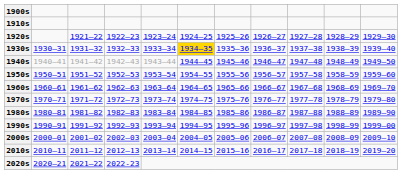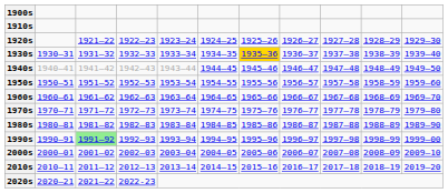 <table class="wikitable">
 <tr>
 <th>1900s</th>
 <td></td>
 <td></td>
 <td></td>
 <td></td>
 <td></td>
 <td></td>
 <td></td>
 <td></td>
 <td></td>
 <td></td>
 </tr>
 <tr>
 <th>1910s</th>
 <td></td>
 <td></td>
 <td></td>
 <td></td>
 <td></td>
 <td></td>
 <td></td>
 <td></td>
 <td></td>
 <td></td>
 </tr>
 <tr>
 <th>1920s</th>
 <td></td>
 <td><a href='#'>1921–22</a></td>
 <td><a href='#'>1922–23</a></td>
 <td><a href='#'>1923–24</a></td>
 <td><a href='#'>1924–25</a></td>
 <td><a href='#'>1925–26</a></td>
 <td><a href='#'>1926–27</a></td>
 <td><a href='#'>1927–28</a></td>
 <td><a href='#'>1928–29</a></td>
 <td><a href='#'>1929–30</a></td>
 </tr>
 <tr>
 <th>1930s</th>
 <td><a href='#'>1930–31</a></td>
 <td><a href='#'>1931–32</a></td>
 <td><a href='#'>1932–33</a></td>
 <td><a href='#'>1933–34</a></td>
-<td style="background: gold;"><a href='#'>1934–35</a></td>
-<td><a href='#'>1935–36</a></td>
+<td><a href='#'>1934–35</a></td>
+<td style="background: gold;"><a href='#'>1935–36</a></td>
 <td><a href='#'>1936–37</a></td>
 <td><a href='#'>1937–38</a></td>
 <td><a href='#'>1938–39</a></td>
 <td><a href='#'>1939–40</a></td>
 </tr>
 <tr>
 <th>1940s</th>
 <td style="color:#AAA">1940–41</td>
 <td style="color:#AAA">1941–42</td>
 <td style="color:#AAA">1942–43</td>
 <td style="color:#AAA">1943–44</td>
 <td><a href='#'>1944–45</a></td>
 <td><a href='#'>1945–46</a></td>
 <td><a href='#'>1946–47</a></td>
 <td><a href='#'>1947–48</a></td>
 <td><a href='#'>1948–49</a></td>
 <td><a href='#'>1949–50</a></td>
 </tr>
 <tr>
 <th>1950s</th>
 <td><a href='#'>1950–51</a></td>
 <td><a href='#'>1951–52</a></td>
 <td><a href='#'>1952–53</a></td>
 <td><a href='#'>1953–54</a></td>
 <td><a href='#'>1954–55</a></td>
 <td><a href='#'>1955–56</a></td>
 <td><a href='#'>1956–57</a></td>
 <td><a href='#'>1957–58</a></td>
 <td><a href='#'>1958–59</a></td>
 <td><a href='#'>1959–60</a></td>
 </tr>
 <tr>
 <th>1960s</th>
 <td><a href='#'>1960–61</a></td>
 <td><a href='#'>1961–62</a></td>
 <td><a href='#'>1962–63</a></td>
 <td><a href='#'>1963–64</a></td>
 <td><a href='#'>1964–65</a></td>
 <td><a href='#'>1965–66</a></td>
 <td><a href='#'>1966–67</a></td>
 <td><a href='#'>1967–68</a></td>
 <td><a href='#'>1968–69</a></td>
 <td><a href='#'>1969–70</a></td>
 </tr>
 <tr>
 <th>1970s</th>
 <td><a href='#'>1970–71</a></td>
 <td><a href='#'>1971–72</a></td>
 <td><a href='#'>1972–73</a></td>
 <td><a href='#'>1973–74</a></td>
 <td><a href='#'>1974–75</a></td>
 <td><a href='#'>1975–76</a></td>
 <td><a href='#'>1976–77</a></td>
 <td><a href='#'>1977–78</a></td>
 <td><a href='#'>1978–79</a></td>
 <td><a href='#'>1979–80</a></td>
 </tr>
 <tr>
 <th>1980s</th>
 <td><a href='#'>1980–81</a></td>
 <td><a href='#'>1981–82</a></td>
 <td><a href='#'>1982–83</a></td>
 <td><a href='#'>1983–84</a></td>
 <td><a href='#'>1984–85</a></td>
 <td><a href='#'>1985–86</a></td>
 <td><a href='#'>1986–87</a></td>
 <td><a href='#'>1987–88</a></td>
 <td><a href='#'>1988–89</a></td>
 <td><a href='#'>1989–90</a></td>
 </tr>
 <tr>
 <th>1990s</th>
 <td><a href='#'>1990–91</a></td>
-<td><a href='#'>1991–92</a></td>
+<td style="background: lightgreen;"><a href='#'>1991–92</a></td>
 <td><a href='#'>1992–93</a></td>
 <td><a href='#'>1993–94</a></td>
 <td><a href='#'>1994–95</a></td>
 <td><a href='#'>1995–96</a></td>
 <td><a href='#'>1996–97</a></td>
 <td><a href='#'>1997–98</a></td>
 <td><a href='#'>1998–99</a></td>
 <td><a href='#'>1999–00</a></td>
 </tr>
 <tr>
 <th>2000s</th>
 <td><a href='#'>2000–01</a></td>
 <td><a href='#'>2001–02</a></td>
 <td><a href='#'>2002–03</a></td>
 <td><a href='#'>2003–04</a></td>
 <td><a href='#'>2004–05</a></td>
 <td><a href='#'>2005–06</a></td>
 <td><a href='#'>2006–07</a></td>
 <td><a href='#'>2007–08</a></td>
 <td><a href='#'>2008–09</a></td>
 <td><a href='#'>2009–10</a></td>
 </tr>
 <tr>
 <th>2010s</th>
 <td><a href='#'>2010–11</a></td>
 <td><a href='#'>2011–12</a></td>
 <td><a href='#'>2012–13</a></td>
 <td><a href='#'>2013–14</a></td>
 <td><a href='#'>2014–15</a></td>
 <td><a href='#'>2015–16</a></td>
 <td><a href='#'>2016–17</a></td>
 <td><a href='#'>2017–18</a></td>
 <td><a href='#'>2018–19</a></td>
 <td><a href='#'>2019–20</a></td>
 </tr>
 <tr>
 <th>2020s</th>
 <td><a href='#'>2020–21</a></td>
 <td><a href='#'>2021–22</a></td>
 <td><a href='#'>2022-23</a></td>
 </tr>
 </table>
